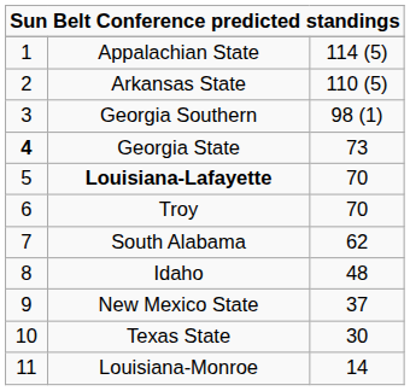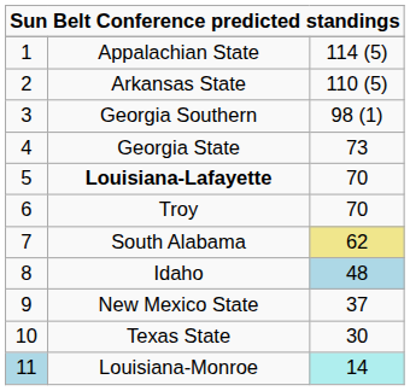 <table class= "wikitable">
 <tr align="center">
 <td align="center" Colspan="3"><strong>Sun Belt Conference predicted standings</strong></td>
 </tr>
 <tr align="center">
 </tr>
 <tr align="center">
 <td>1</td>
 <td>Appalachian State</td>
 <td>114 (5)</td>
 </tr>
 <tr align="center">
 <td>2</td>
 <td>Arkansas State</td>
 <td>110 (5)</td>
 </tr>
 <tr align="center">
 <td>3</td>
 <td>Georgia Southern</td>
 <td>98 (1)</td>
 </tr>
 <tr align="center">
-<td><strong>4</strong></td>
+<td>4</td>
 <td>Georgia State</td>
 <td>73</td>
 </tr>
 <tr align="center">
 <td>5</td>
 <td><strong>Louisiana-Lafayette</strong></td>
 <td>70</td>
 </tr>
 <tr align="center">
 <td>6</td>
 <td>Troy</td>
 <td>70</td>
 </tr>
 <tr align="center">
 <td>7</td>
 <td>South Alabama</td>
-<td>62</td>
+<td style="background: khaki;">62</td>
 </tr>
 <tr align="center">
 <td>8</td>
 <td>Idaho</td>
-<td>48</td>
+<td style="background: lightblue;">48</td>
 </tr>
 <tr align="center">
 <td>9</td>
 <td>New Mexico State</td>
 <td>37</td>
 </tr>
 <tr align="center">
 <td>10</td>
 <td>Texas State</td>
 <td>30</td>
 </tr>
 <tr align="center">
-<td>11</td>
+<td style="background: lightblue;">11</td>
 <td>Louisiana-Monroe</td>
-<td>14</td>
+<td style="background: paleturquoise;">14</td>
 </tr>
 </table>
